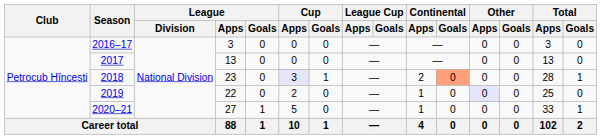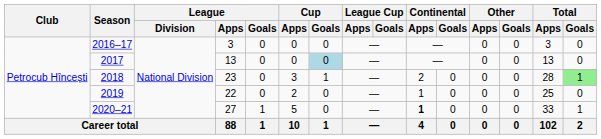 <table class="wikitable" style="text-align:center">
 <tr>
 <th rowspan="2">Club</th>
 <th rowspan="2">Season</th>
 <th colspan="3">League</th>
 <th colspan="2">Cup</th>
 <th colspan="2">League Cup</th>
 <th colspan="2">Continental</th>
 <th colspan="2">Other</th>
 <th colspan="2">Total</th>
 </tr>
 <tr>
 <th>Division</th>
 <th>Apps</th>
 <th>Goals</th>
 <th>Apps</th>
 <th>Goals</th>
 <th>Apps</th>
 <th>Goals</th>
 <th>Apps</th>
 <th>Goals</th>
 <th>Apps</th>
 <th>Goals</th>
 <th>Apps</th>
 <th>Goals</th>
 </tr>
 <tr>
 <td rowspan="5"><a href='#'>Petrocub Hîncești</a></td>
 <td><a href='#'>2016–17</a></td>
 <td rowspan="5"><a href='#'>National Division</a></td>
 <td>3</td>
 <td>0</td>
 <td>0</td>
 <td>0</td>
 <td colspan="2">—</td>
 <td colspan="2">—</td>
 <td>0</td>
 <td>0</td>
 <td>3</td>
 <td>0</td>
 </tr>
 <tr>
 <td><a href='#'>2017</a></td>
 <td>13</td>
 <td>0</td>
 <td>0</td>
-<td>0</td>
+<td style="background: lightblue;">0</td>
 <td colspan="2">—</td>
 <td colspan="2">—</td>
 <td>0</td>
 <td>0</td>
 <td>13</td>
 <td>0</td>
 </tr>
 <tr>
 <td><a href='#'>2018</a></td>
 <td>23</td>
 <td>0</td>
-<td style="background: lavender;">3</td>
+<td>3</td>
 <td>1</td>
 <td colspan="2">—</td>
 <td>2</td>
-<td style="background: lightsalmon;">0</td>
+<td>0</td>
 <td>0</td>
 <td>0</td>
 <td>28</td>
-<td>1</td>
+<td style="background: lightgreen;">1</td>
 </tr>
 <tr>
 <td><a href='#'>2019</a></td>
 <td>22</td>
 <td>0</td>
 <td>2</td>
 <td>0</td>
 <td colspan="2">—</td>
 <td>1</td>
 <td>0</td>
-<td style="background: lavender;">0</td>
+<td>0</td>
 <td>0</td>
 <td>25</td>
 <td>0</td>
 </tr>
 <tr>
 <td><a href='#'>2020–21</a></td>
 <td>27</td>
 <td>1</td>
 <td>5</td>
 <td>0</td>
 <td colspan="2">—</td>
-<td>1</td>
+<td><strong>1</strong></td>
 <td>0</td>
 <td>0</td>
 <td>0</td>
 <td>33</td>
 <td>1</td>
 </tr>
 <tr>
 <th colspan="3">Career total</th>
 <th>88</th>
 <th>1</th>
 <th>10</th>
 <th>1</th>
 <th colspan="2">—</th>
 <th>4</th>
 <th>0</th>
 <th>0</th>
 <th>0</th>
 <th>102</th>
 <th>2</th>
 </tr>
 </table>
